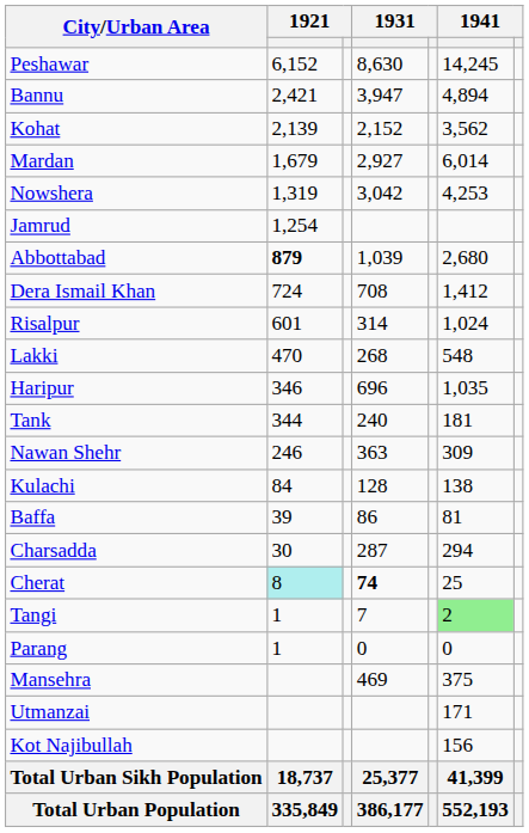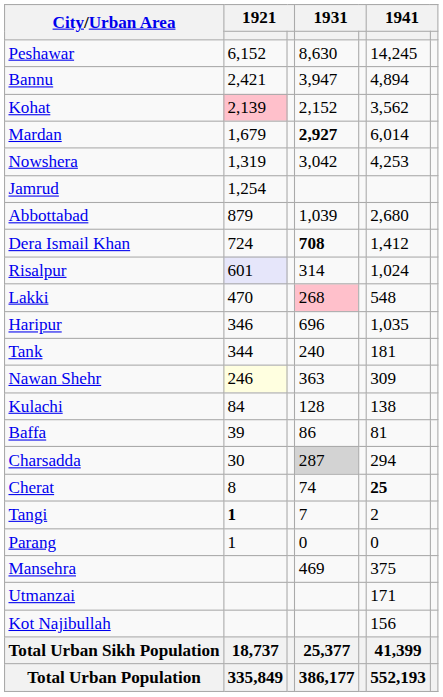 <table class="wikitable sortable">
 <tr>
 <th rowspan="2"><a href='#'>City</a>/<a href='#'>Urban Area</a></th>
 <th colspan="2">1921</th>
 <th colspan="2">1931</th>
 <th colspan="2">1941</th>
 </tr>
 <tr>
 <th><a href='#'></a></th>
 <th></th>
 <th></th>
 <th></th>
 <th></th>
 <th></th>
 </tr>
 <tr>
 <td><a href='#'>Peshawar</a></td>
 <td>6,152</td>
 <td></td>
 <td>8,630</td>
 <td></td>
 <td>14,245</td>
 <td></td>
 </tr>
 <tr>
 <td><a href='#'>Bannu</a></td>
 <td>2,421</td>
 <td></td>
 <td>3,947</td>
 <td></td>
 <td>4,894</td>
 <td></td>
 </tr>
 <tr>
 <td><a href='#'>Kohat</a></td>
-<td>2,139</td>
+<td style="background: pink;">2,139</td>
 <td></td>
 <td>2,152</td>
 <td></td>
 <td>3,562</td>
 <td></td>
 </tr>
 <tr>
 <td><a href='#'>Mardan</a></td>
 <td>1,679</td>
 <td></td>
-<td>2,927</td>
+<td><strong>2,927</strong></td>
 <td></td>
 <td>6,014</td>
 <td></td>
 </tr>
 <tr>
 <td><a href='#'>Nowshera</a></td>
 <td>1,319</td>
 <td></td>
 <td>3,042</td>
 <td></td>
 <td>4,253</td>
 <td></td>
 </tr>
 <tr>
 <td><a href='#'>Jamrud</a></td>
 <td>1,254</td>
 <td></td>
 <td></td>
 <td></td>
 <td></td>
 <td></td>
 </tr>
 <tr>
 <td><a href='#'>Abbottabad</a></td>
-<td><strong>879</strong></td>
+<td>879</td>
 <td></td>
 <td>1,039</td>
 <td></td>
 <td>2,680</td>
 <td></td>
 </tr>
 <tr>
 <td><a href='#'>Dera Ismail Khan</a></td>
 <td>724</td>
 <td></td>
-<td>708</td>
+<td><strong>708</strong></td>
 <td></td>
 <td>1,412</td>
 <td></td>
 </tr>
 <tr>
 <td><a href='#'>Risalpur</a></td>
-<td>601</td>
+<td style="background: lavender;">601</td>
 <td></td>
 <td>314</td>
 <td></td>
 <td>1,024</td>
 <td></td>
 </tr>
 <tr>
 <td><a href='#'>Lakki</a></td>
 <td>470</td>
 <td></td>
-<td>268</td>
+<td style="background: pink;">268</td>
 <td></td>
 <td>548</td>
 <td></td>
 </tr>
 <tr>
 <td><a href='#'>Haripur</a></td>
 <td>346</td>
 <td></td>
 <td>696</td>
 <td></td>
 <td>1,035</td>
 <td></td>
 </tr>
 <tr>
 <td><a href='#'>Tank</a></td>
 <td>344</td>
 <td></td>
 <td>240</td>
 <td></td>
 <td>181</td>
 <td></td>
 </tr>
 <tr>
 <td><a href='#'>Nawan Shehr</a></td>
-<td>246</td>
+<td style="background: lightyellow;">246</td>
 <td></td>
 <td>363</td>
 <td></td>
 <td>309</td>
 <td></td>
 </tr>
 <tr>
 <td><a href='#'>Kulachi</a></td>
 <td>84</td>
 <td></td>
 <td>128</td>
 <td></td>
 <td>138</td>
 <td></td>
 </tr>
 <tr>
 <td><a href='#'>Baffa</a></td>
 <td>39</td>
 <td></td>
 <td>86</td>
 <td></td>
 <td>81</td>
 <td></td>
 </tr>
 <tr>
 <td><a href='#'>Charsadda</a></td>
 <td>30</td>
 <td></td>
-<td>287</td>
+<td style="background: lightgrey;">287</td>
 <td></td>
 <td>294</td>
 <td></td>
 </tr>
 <tr>
 <td><a href='#'>Cherat</a></td>
-<td style="background: paleturquoise;">8</td>
+<td>8</td>
 <td></td>
-<td><strong>74</strong></td>
+<td>74</td>
 <td></td>
-<td>25</td>
+<td><strong>25</strong></td>
 <td></td>
 </tr>
 <tr>
 <td><a href='#'>Tangi</a></td>
-<td>1</td>
+<td><strong>1</strong></td>
 <td></td>
 <td>7</td>
 <td></td>
-<td style="background: lightgreen;">2</td>
+<td>2</td>
 <td></td>
 </tr>
 <tr>
 <td><a href='#'>Parang</a></td>
 <td>1</td>
 <td></td>
 <td>0</td>
 <td></td>
 <td>0</td>
 <td></td>
 </tr>
 <tr>
 <td><a href='#'>Mansehra</a></td>
 <td></td>
 <td></td>
 <td>469</td>
 <td></td>
 <td>375</td>
 <td></td>
 </tr>
 <tr>
 <td><a href='#'>Utmanzai</a></td>
 <td></td>
 <td></td>
 <td></td>
 <td></td>
 <td>171</td>
 <td></td>
 </tr>
 <tr>
 <td><a href='#'>Kot Najibullah</a></td>
 <td></td>
 <td></td>
 <td></td>
 <td></td>
 <td>156</td>
 <td></td>
 </tr>
 <tr>
 <th>Total Urban Sikh Population</th>
 <th>18,737</th>
 <th></th>
 <th>25,377</th>
 <th></th>
 <th>41,399</th>
 <th></th>
 </tr>
 <tr>
 <th>Total Urban Population</th>
 <th>335,849</th>
 <th></th>
 <th>386,177</th>
 <th></th>
 <th>552,193</th>
 <th></th>
 </tr>
 </table>
